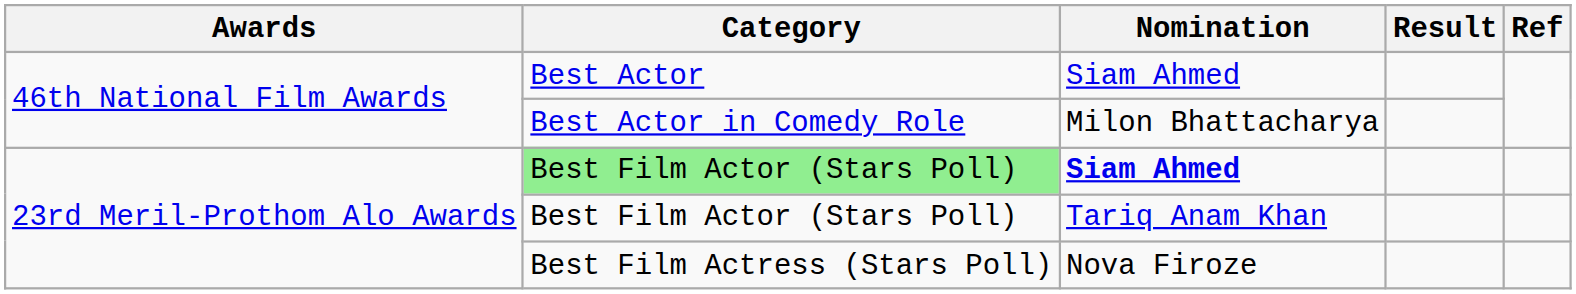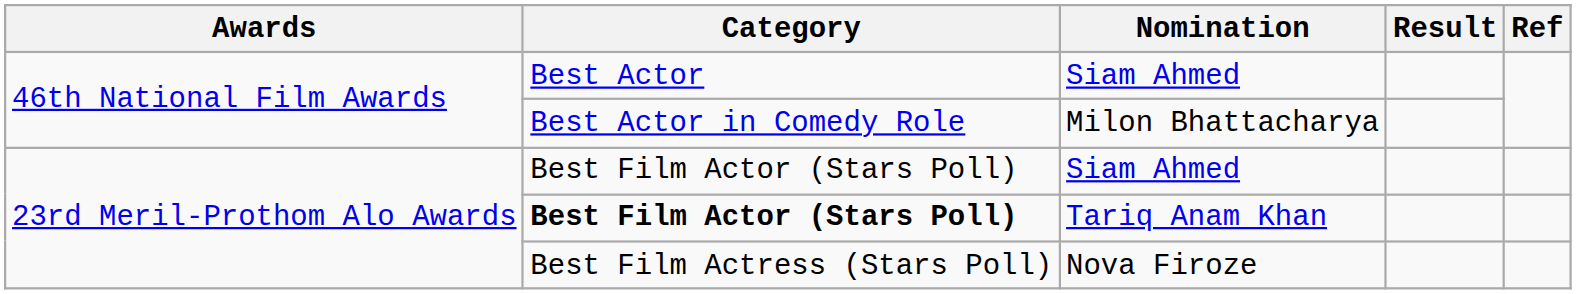 <table class="wikitable">
 <tr>
 <th>Awards</th>
 <th>Category</th>
 <th>Nomination</th>
 <th>Result</th>
 <th>Ref</th>
 </tr>
 <tr>
 <td rowspan="2"><a href='#'>46th National Film Awards</a></td>
 <td><a href='#'>Best Actor</a></td>
 <td><a href='#'>Siam Ahmed</a></td>
 <td></td>
 <td rowspan="2"></td>
 </tr>
 <tr>
 <td><a href='#'>Best Actor in Comedy Role</a></td>
 <td>Milon Bhattacharya</td>
 <td></td>
 </tr>
 <tr>
 <td rowspan="3"><a href='#'>23rd Meril-Prothom Alo Awards</a></td>
-<td style="background: lightgreen;">Best Film Actor (Stars Poll)</td>
-<td><strong><a href='#'>Siam Ahmed</a></strong></td>
+<td>Best Film Actor (Stars Poll)</td>
+<td><a href='#'>Siam Ahmed</a></td>
 <td></td>
 <td></td>
 </tr>
 <tr>
-<td>Best Film Actor (Stars Poll)</td>
+<td><strong>Best Film Actor (Stars Poll)</strong></td>
 <td><a href='#'>Tariq Anam Khan</a></td>
 <td></td>
 <td></td>
 </tr>
 <tr>
 <td>Best Film Actress (Stars Poll)</td>
 <td>Nova Firoze</td>
 <td></td>
 <td></td>
 </tr>
 </table>
